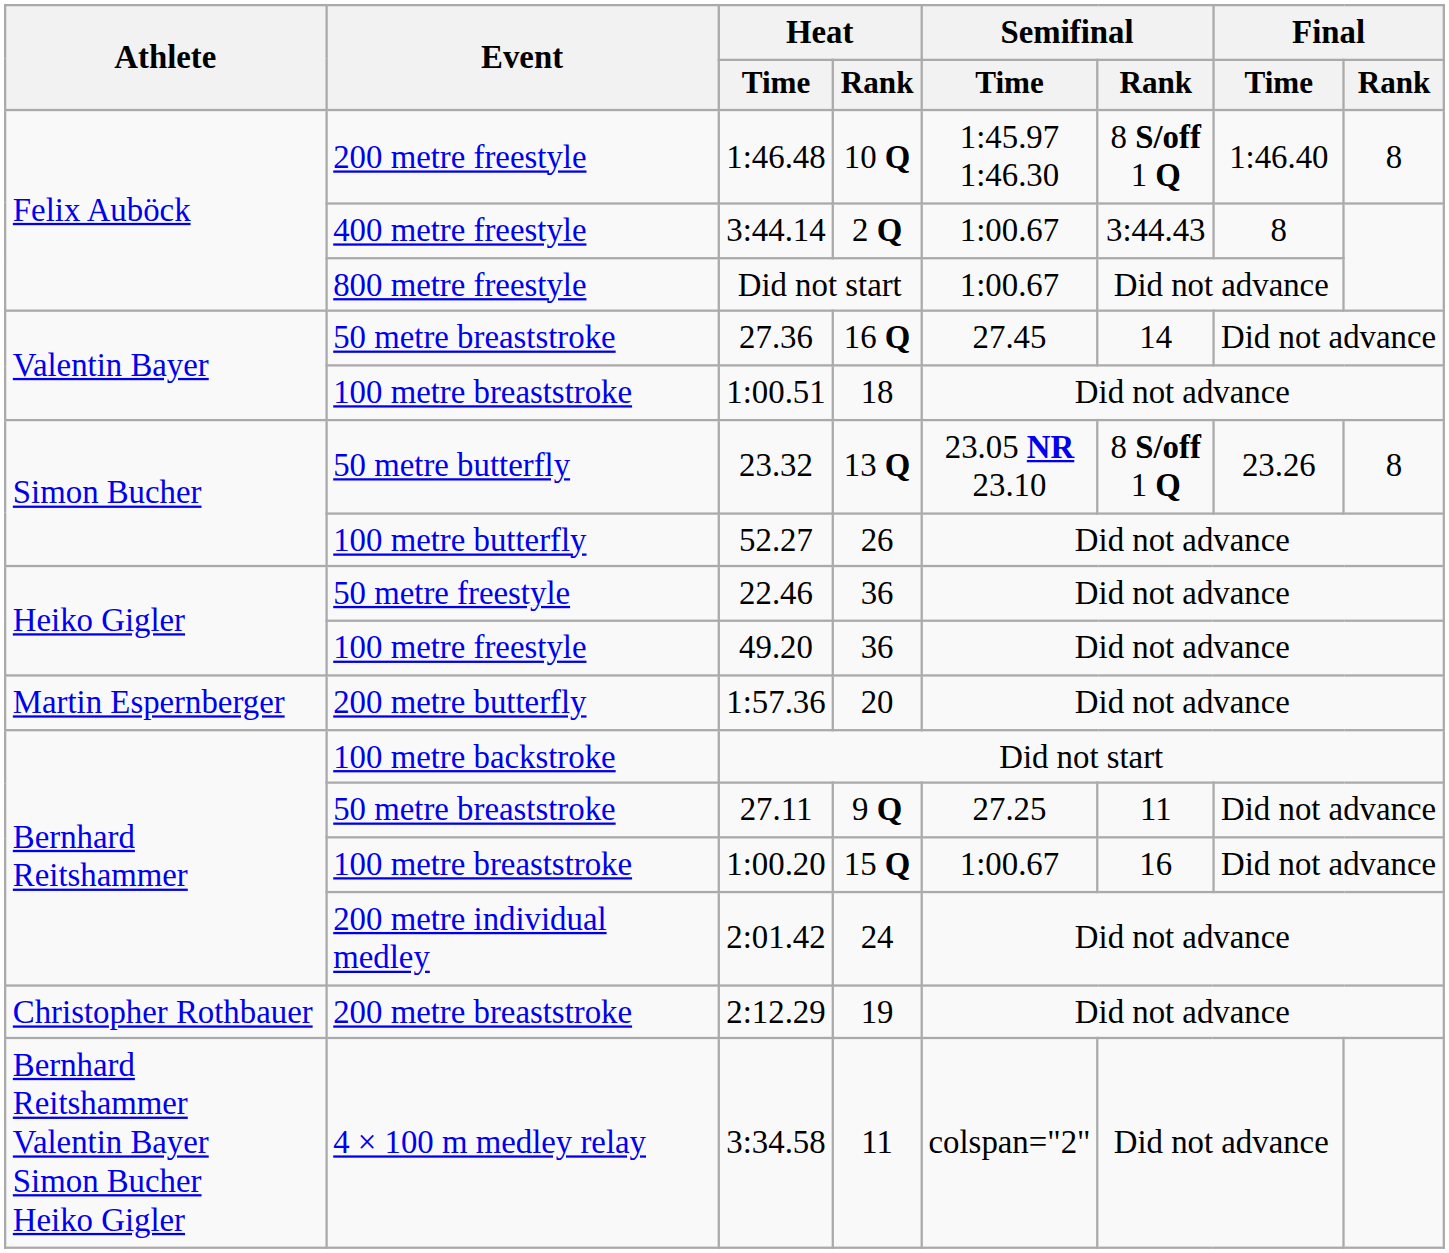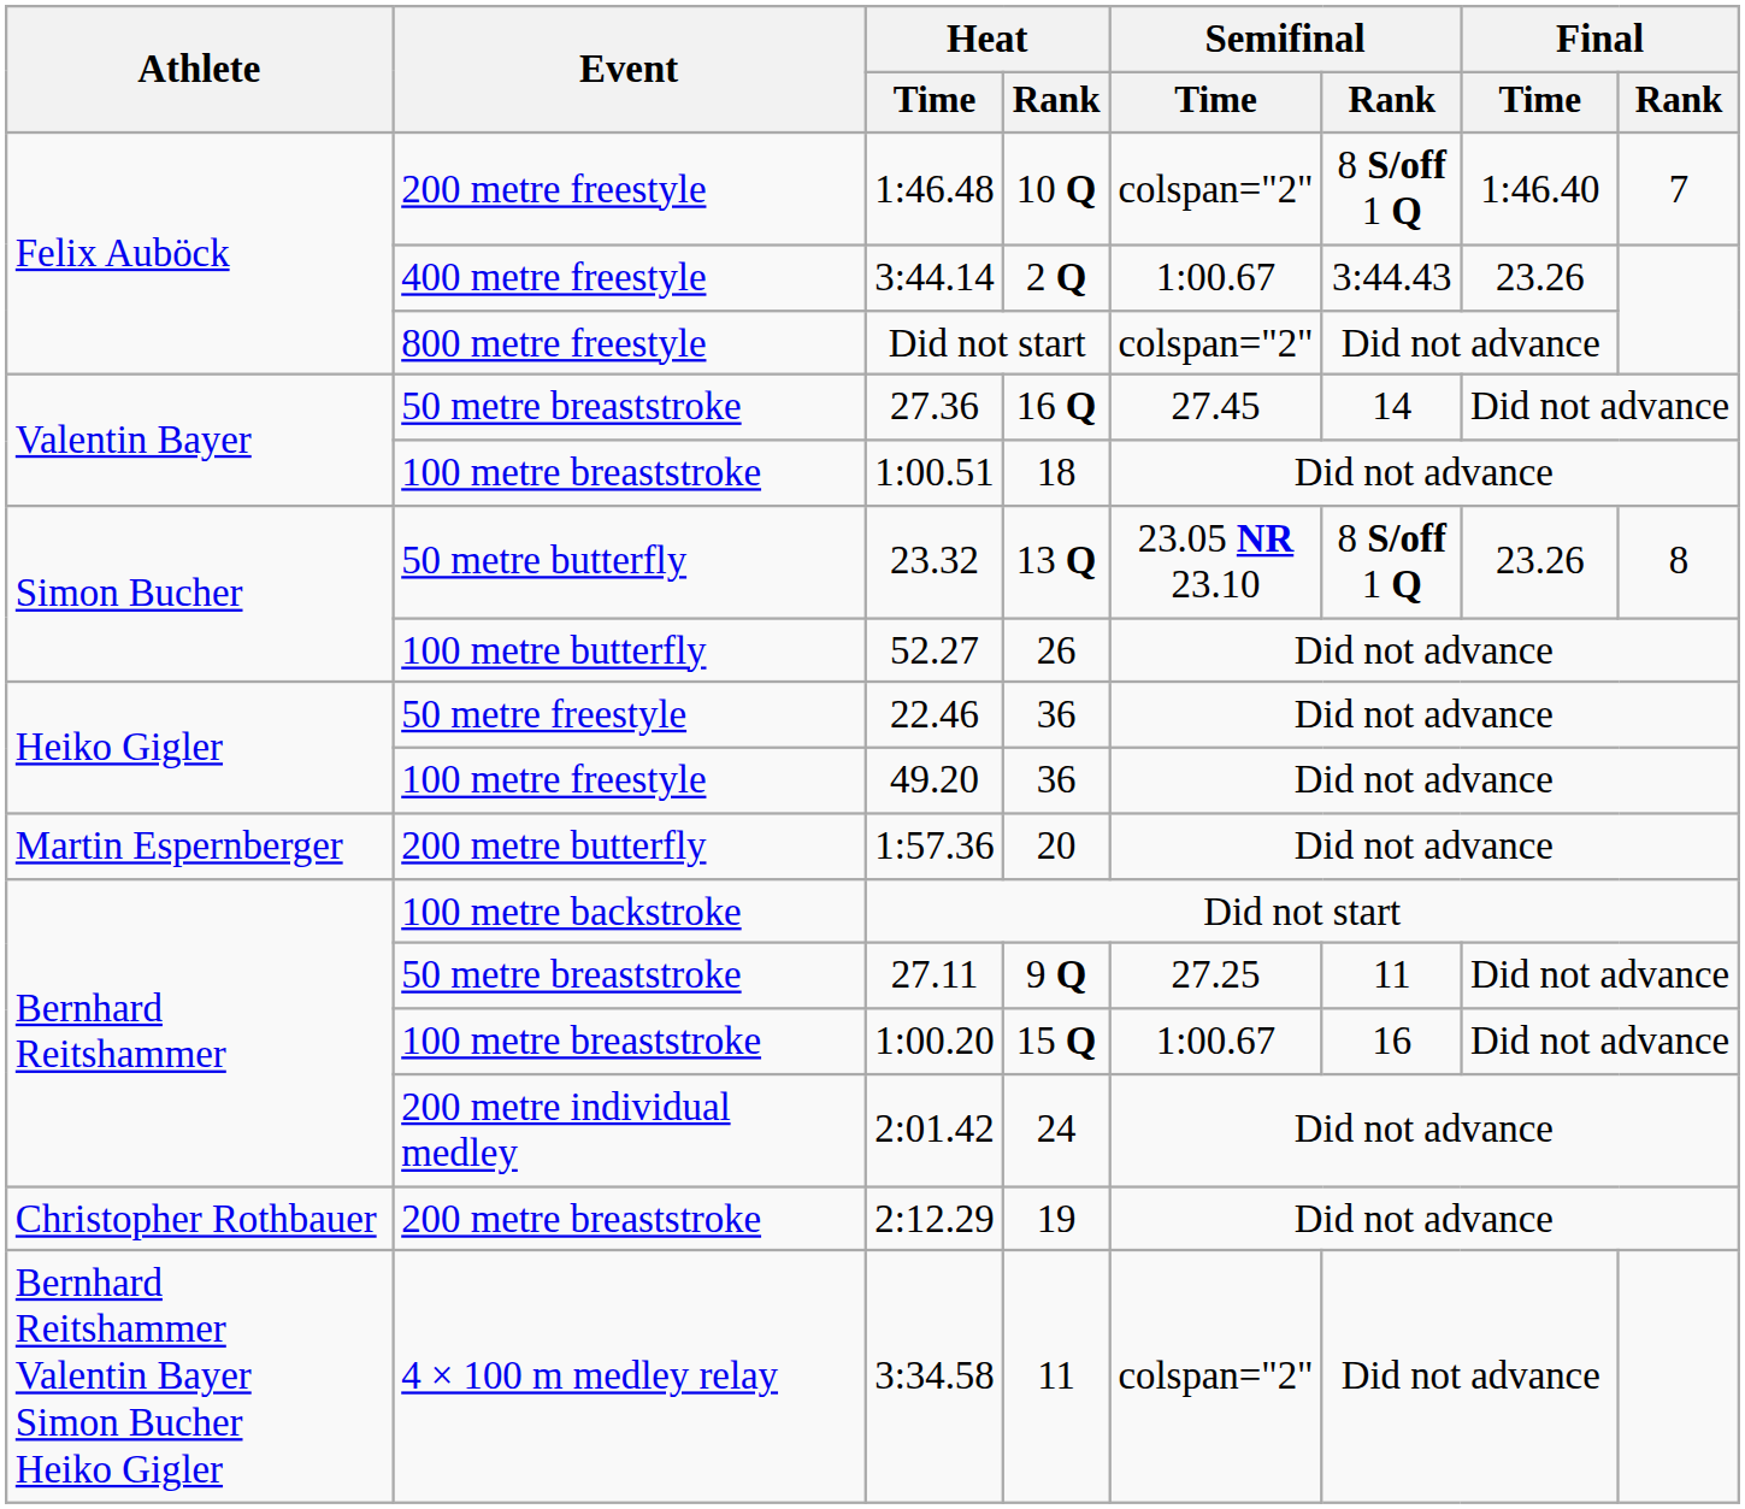 <table class="wikitable" style="text-align:center; font-size:90%; width:50%;">
 <tr>
 <th rowspan="2">Athlete</th>
 <th rowspan="2">Event</th>
 <th colspan="2">Heat</th>
 <th colspan="2">Semifinal</th>
 <th colspan="2">Final</th>
 </tr>
 <tr style="font-size:95%">
 <th>Time</th>
 <th>Rank</th>
 <th>Time</th>
 <th>Rank</th>
 <th>Time</th>
 <th>Rank</th>
 </tr>
 <tr align=center>
 <td align=left rowspan="3"><a href='#'>Felix Auböck</a></td>
 <td align=left><a href='#'>200 metre freestyle</a></td>
 <td>1:46.48</td>
 <td>10 <strong>Q</strong></td>
-<td>1:45.97<br>1:46.30</td>
+<td>colspan="2" </td>
 <td>8 <strong>S/off</strong> <br>1 <strong>Q</strong></td>
 <td>1:46.40</td>
-<td>8</td>
+<td>7</td>
 </tr>
 <tr align=center>
 <td align=left><a href='#'>400 metre freestyle</a></td>
 <td>3:44.14</td>
 <td>2 <strong>Q</strong></td>
 <td>1:00.67</td>
 <td>3:44.43</td>
-<td>8</td>
+<td>23.26</td>
 </tr>
 <tr align=center>
 <td align=left><a href='#'>800 metre freestyle</a></td>
 <td colspan="2">Did not start</td>
-<td>1:00.67</td>
+<td>colspan="2" </td>
 <td colspan="2">Did not advance</td>
 </tr>
 <tr align=center>
 <td align=left rowspan="2"><a href='#'>Valentin Bayer</a></td>
 <td align=left><a href='#'>50 metre breaststroke</a></td>
 <td>27.36</td>
 <td>16 <strong>Q</strong></td>
 <td>27.45</td>
 <td>14</td>
 <td colspan="2">Did not advance</td>
 </tr>
 <tr align=center>
 <td align=left><a href='#'>100 metre breaststroke</a></td>
 <td>1:00.51</td>
 <td>18</td>
 <td colspan="4">Did not advance</td>
 </tr>
 <tr align=center>
 <td align=left rowspan="2"><a href='#'>Simon Bucher</a></td>
 <td align=left><a href='#'>50 metre butterfly</a></td>
 <td>23.32</td>
 <td>13 <strong>Q</strong></td>
 <td>23.05 <strong><a href='#'>NR</a></strong><br>23.10</td>
 <td>8 <strong>S/off</strong> <br>1 <strong>Q</strong></td>
 <td>23.26</td>
 <td>8</td>
 </tr>
 <tr align=center>
 <td align=left><a href='#'>100 metre butterfly</a></td>
 <td>52.27</td>
 <td>26</td>
 <td colspan=4>Did not advance</td>
 </tr>
 <tr>
 <td align=left rowspan=2><a href='#'>Heiko Gigler</a></td>
 <td align=left><a href='#'>50 metre freestyle</a></td>
 <td>22.46</td>
 <td>36</td>
 <td colspan=4>Did not advance</td>
 </tr>
 <tr>
 <td align=left><a href='#'>100 metre freestyle</a></td>
 <td>49.20</td>
 <td>36</td>
 <td colspan=4>Did not advance</td>
 </tr>
 <tr>
 <td align=left><a href='#'>Martin Espernberger</a></td>
 <td align=left><a href='#'>200 metre butterfly</a></td>
 <td>1:57.36</td>
 <td>20</td>
 <td colspan=4>Did not advance</td>
 </tr>
 <tr align=center>
 <td align=left rowspan="4"><a href='#'>Bernhard Reitshammer</a></td>
 <td align=left><a href='#'>100 metre backstroke</a></td>
 <td colspan="6">Did not start</td>
 </tr>
 <tr align=center>
 <td align=left><a href='#'>50 metre breaststroke</a></td>
 <td>27.11</td>
 <td>9 <strong>Q</strong></td>
 <td>27.25</td>
 <td>11</td>
 <td colspan="2">Did not advance</td>
 </tr>
 <tr align=center>
 <td align=left><a href='#'>100 metre breaststroke</a></td>
 <td>1:00.20</td>
 <td>15 <strong>Q</strong></td>
 <td>1:00.67</td>
 <td>16</td>
 <td colspan="2">Did not advance</td>
 </tr>
 <tr align=center>
 <td align=left><a href='#'>200 metre individual medley</a></td>
 <td>2:01.42</td>
 <td>24</td>
 <td colspan=4>Did not advance</td>
 </tr>
 <tr>
 <td align=left><a href='#'>Christopher Rothbauer</a></td>
 <td align=left><a href='#'>200 metre breaststroke</a></td>
 <td>2:12.29</td>
 <td>19</td>
 <td colspan=4>Did not advance</td>
 </tr>
 <tr>
 <td align=left><a href='#'>Bernhard Reitshammer</a> <br><a href='#'>Valentin Bayer</a><br><a href='#'>Simon Bucher</a> <br><a href='#'>Heiko Gigler</a></td>
 <td align=left><a href='#'>4 × 100 m medley relay</a></td>
 <td>3:34.58</td>
 <td>11</td>
 <td>colspan="2" </td>
 <td colspan=2>Did not advance</td>
 </tr>
 </table>
